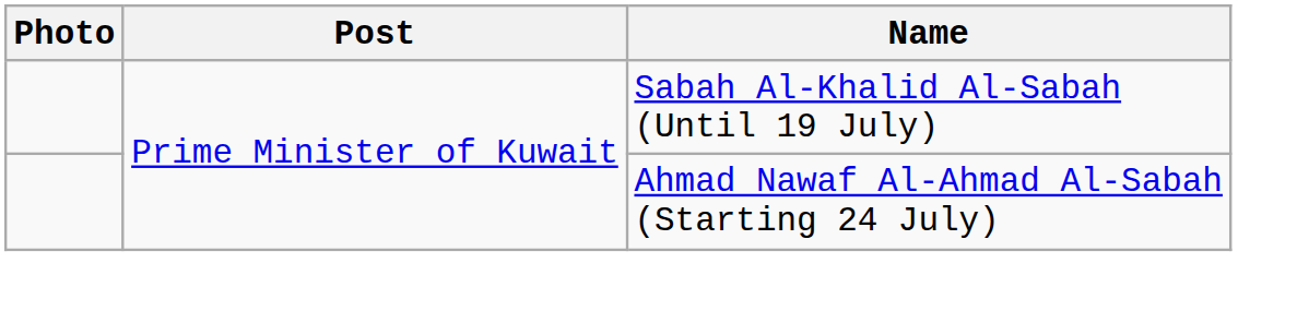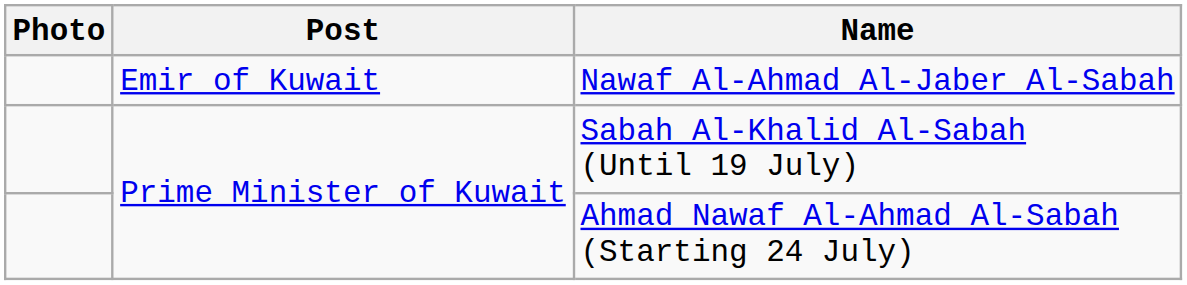 <table class=wikitable>
 <tr>
 <th>Photo</th>
 <th>Post</th>
 <th>Name</th>
+</tr>
+<tr>
+<td></td>
+<td><a href='#'>Emir of Kuwait</a></td>
+<td><a href='#'>Nawaf Al-Ahmad Al-Jaber Al-Sabah</a></td>
 </tr>
 <tr>
 <td></td>
 <td rowspan=2 align=center><a href='#'>Prime Minister of Kuwait</a></td>
 <td><a href='#'>Sabah Al-Khalid Al-Sabah</a><br>(Until 19 July)</td>
 </tr>
 <tr>
 <td></td>
 <td><a href='#'>Ahmad Nawaf Al-Ahmad Al-Sabah</a><br>(Starting 24 July)</td>
 </tr>
 </table>
